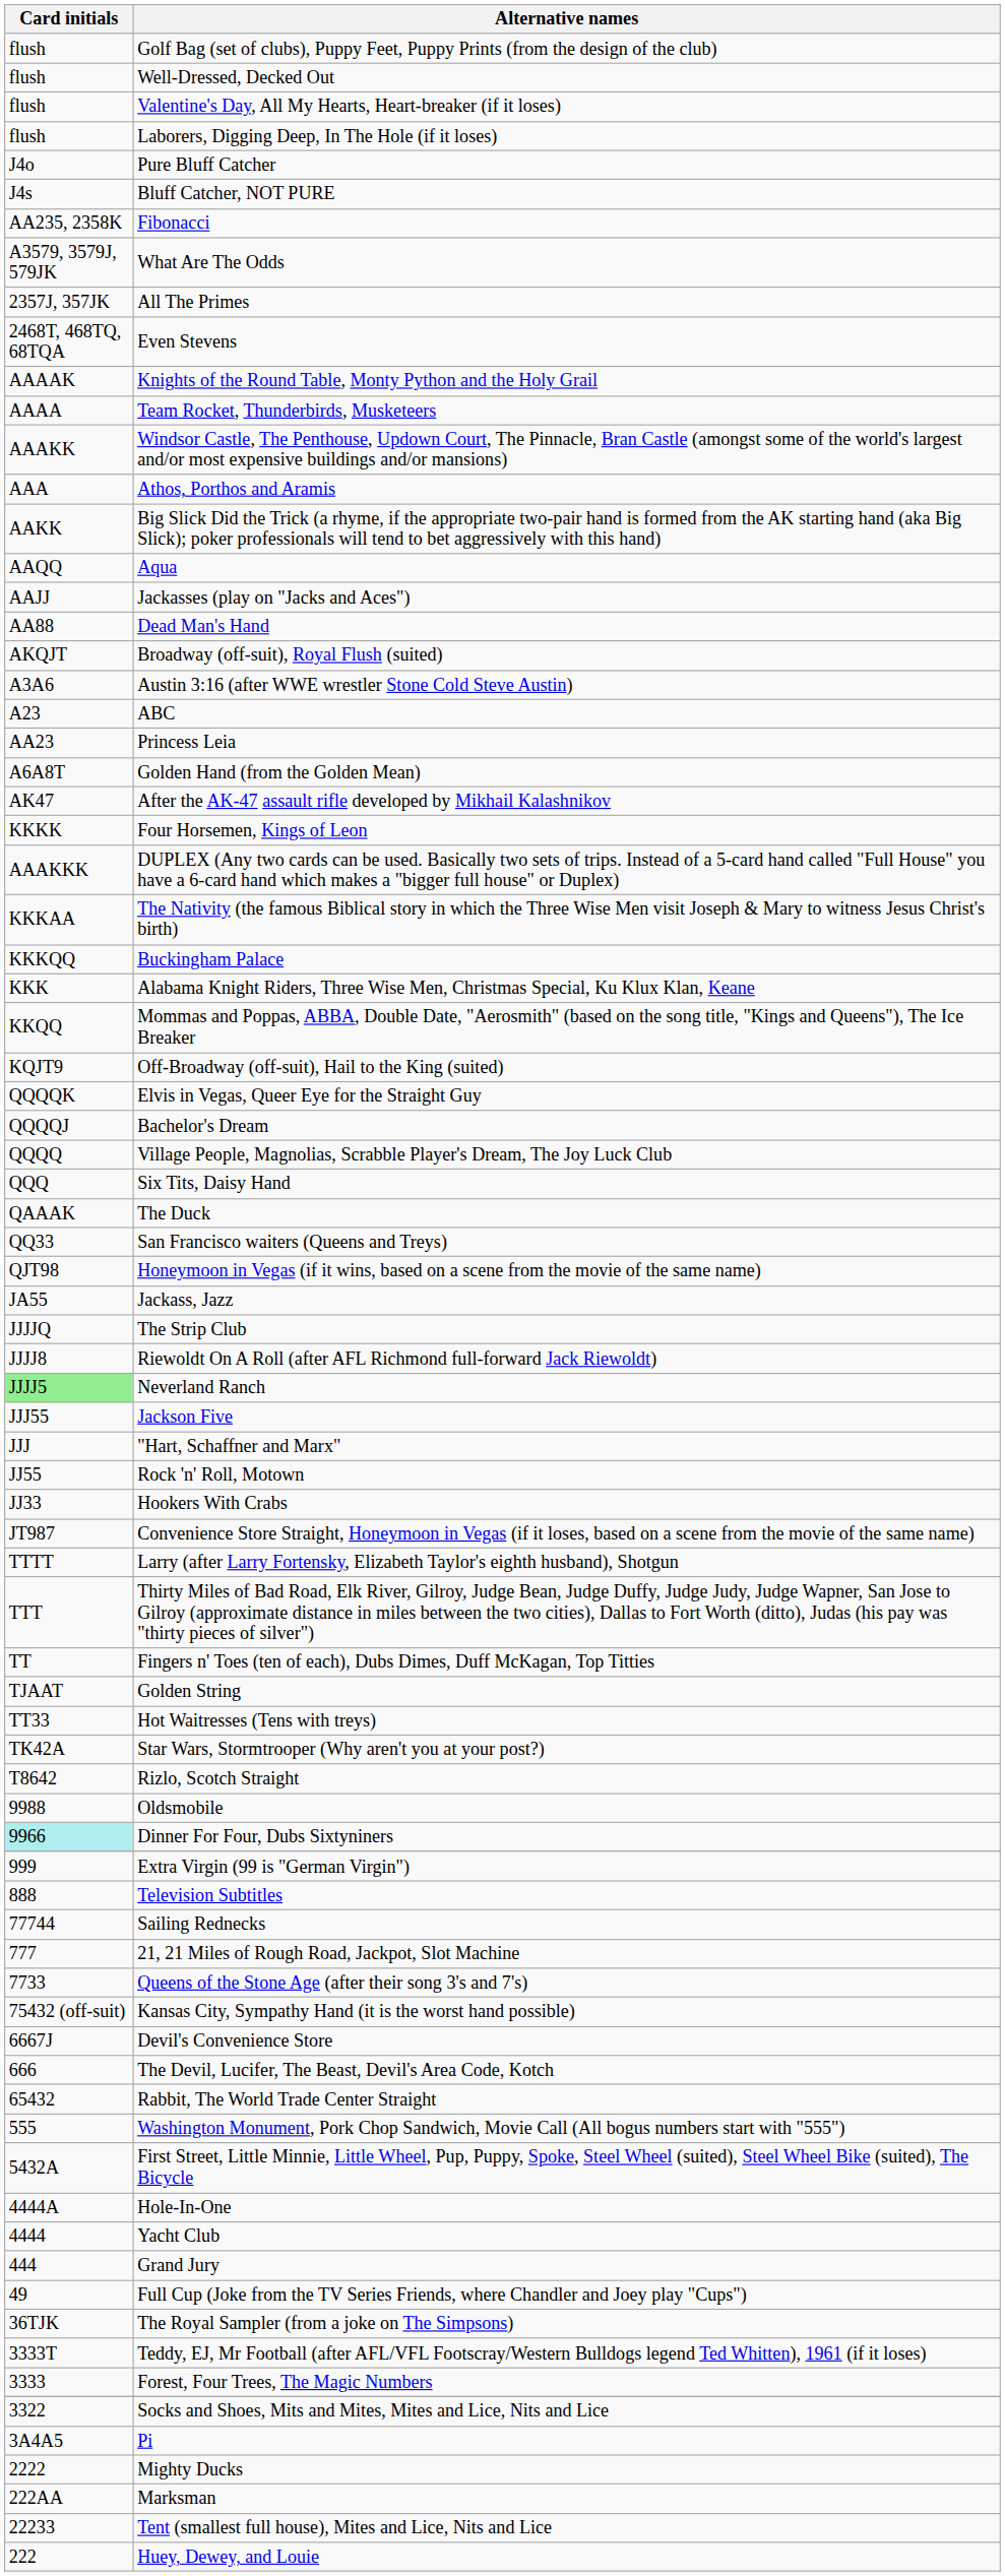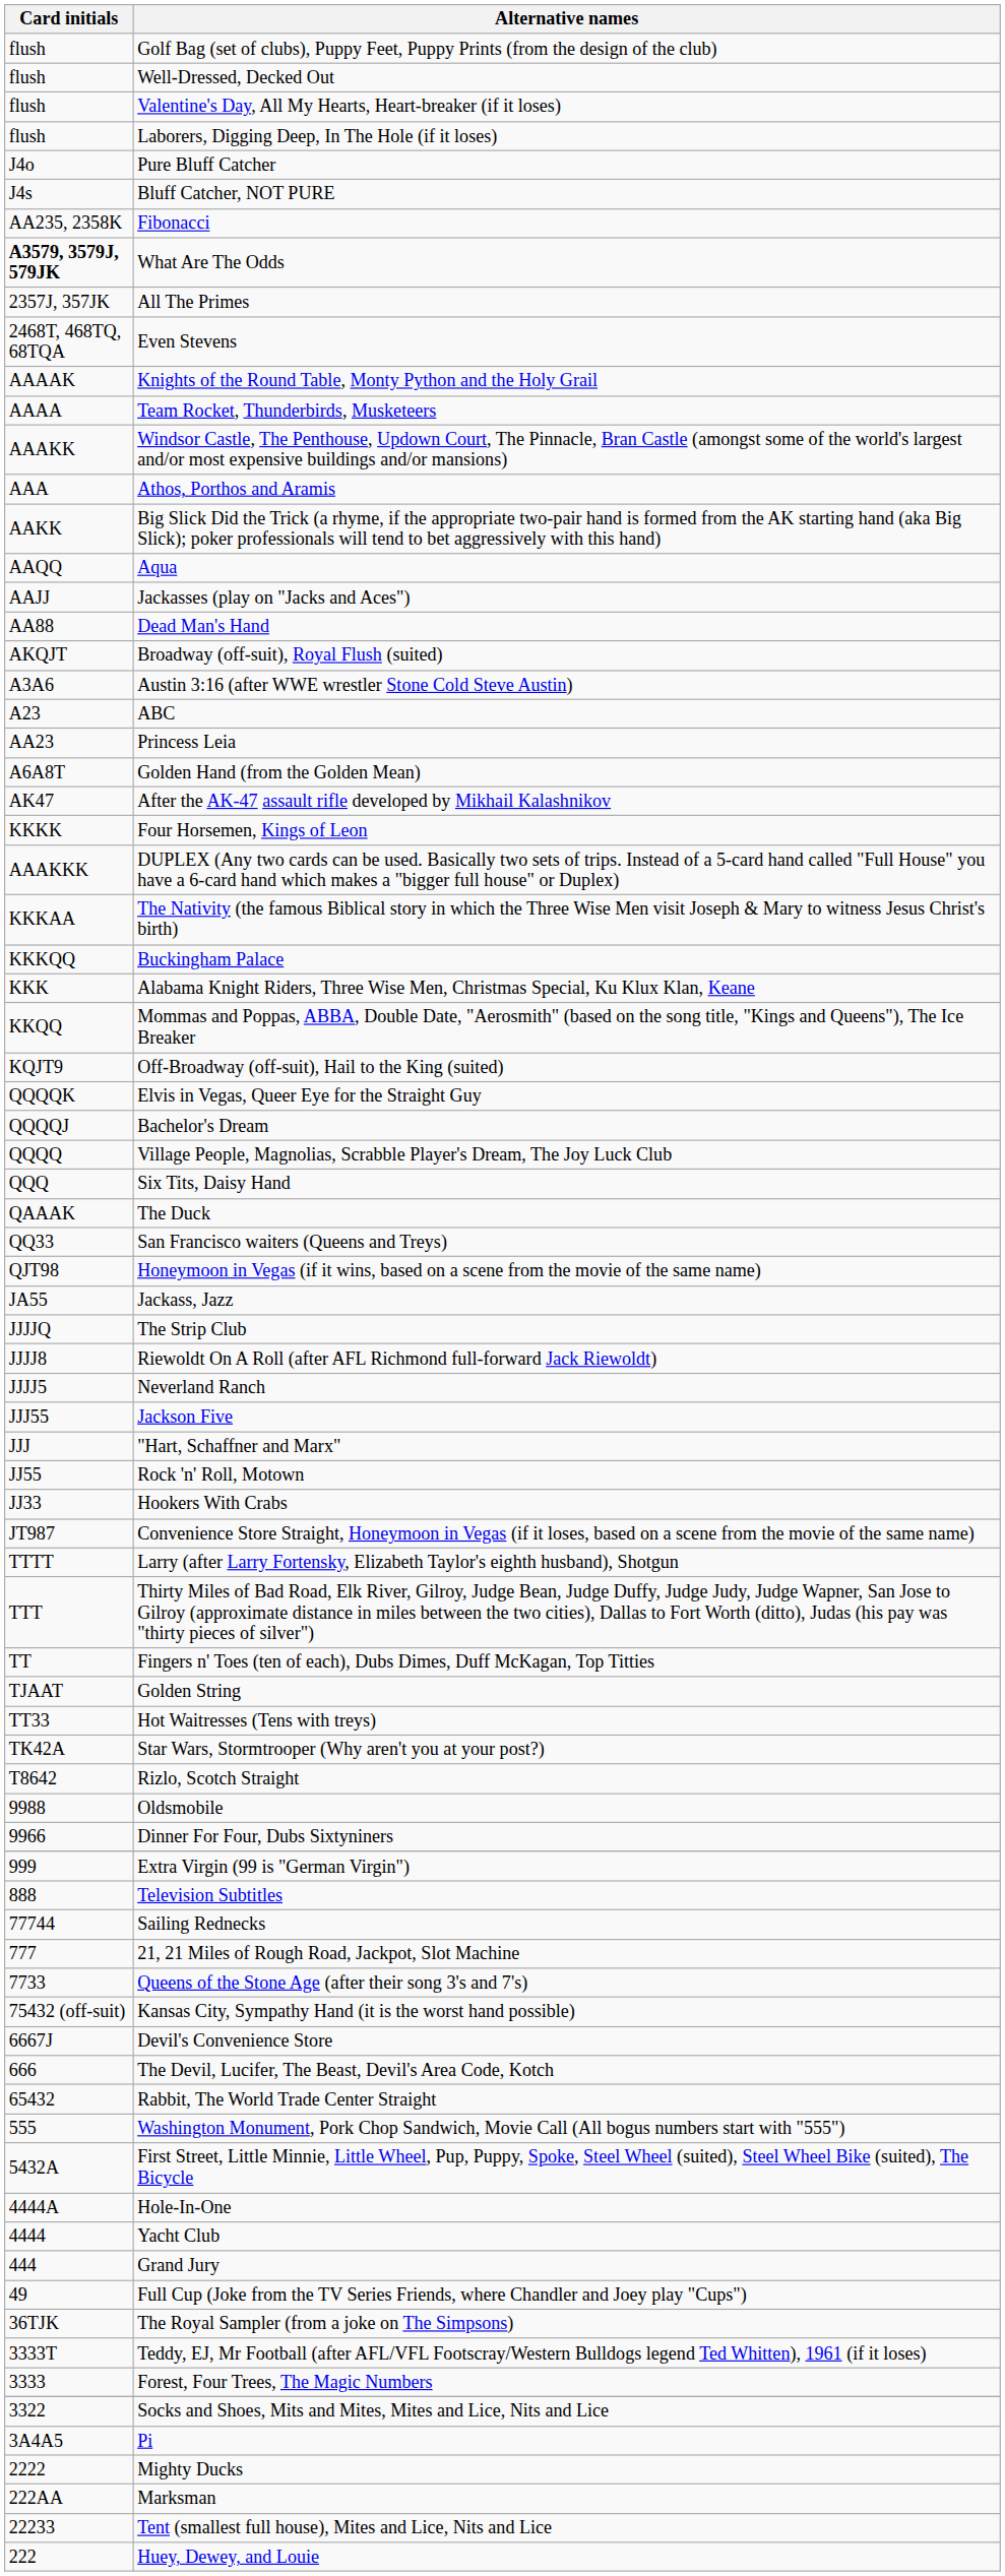 <table class="wikitable">
 <tr>
 <th>Card initials</th>
 <th>Alternative names</th>
 </tr>
 <tr>
 <td> flush</td>
 <td>Golf Bag (set of clubs), Puppy Feet, Puppy Prints (from the design of the club)</td>
 </tr>
 <tr>
 <td> flush</td>
 <td>Well-Dressed, Decked Out</td>
 </tr>
 <tr>
 <td> flush</td>
 <td><a href='#'>Valentine's Day</a>, All My Hearts, Heart-breaker (if it loses)</td>
 </tr>
 <tr>
 <td> flush</td>
 <td>Laborers, Digging Deep, In The Hole (if it loses)</td>
 </tr>
 <tr>
 <td>J4o</td>
 <td>Pure Bluff Catcher</td>
 </tr>
 <tr>
 <td>J4s</td>
 <td>Bluff Catcher, NOT PURE</td>
 </tr>
 <tr>
 <td>AA235, 2358K</td>
 <td><a href='#'>Fibonacci</a></td>
 </tr>
 <tr>
-<td>A3579, 3579J, 579JK</td>
+<td><strong>A3579, 3579J, 579JK</strong></td>
 <td>What Are The Odds</td>
 </tr>
 <tr>
 <td>2357J, 357JK</td>
 <td>All The Primes</td>
 </tr>
 <tr>
 <td>2468T, 468TQ, 68TQA</td>
 <td>Even Stevens</td>
 </tr>
 <tr>
 <td>AAAAK</td>
 <td><a href='#'>Knights of the Round Table</a>, <a href='#'>Monty Python and the Holy Grail</a></td>
 </tr>
 <tr>
 <td>AAAA</td>
 <td><a href='#'>Team Rocket</a>, <a href='#'>Thunderbirds</a>, <a href='#'>Musketeers</a></td>
 </tr>
 <tr>
 <td>AAAKK</td>
 <td><a href='#'>Windsor Castle</a>, <a href='#'>The Penthouse</a>, <a href='#'>Updown Court</a>, The Pinnacle, <a href='#'>Bran Castle</a> (amongst some of the world's largest and/or most expensive buildings and/or mansions)</td>
 </tr>
 <tr>
 <td>AAA</td>
 <td><a href='#'>Athos, Porthos and Aramis</a></td>
 </tr>
 <tr>
 <td>AAKK</td>
 <td>Big Slick Did the Trick (a rhyme, if the appropriate two-pair hand is formed from the AK starting hand (aka Big Slick); poker professionals will tend to bet aggressively with this hand)</td>
 </tr>
 <tr>
 <td>AAQQ</td>
 <td><a href='#'>Aqua</a></td>
 </tr>
 <tr>
 <td>AAJJ</td>
 <td>Jackasses (play on "Jacks and Aces")</td>
 </tr>
 <tr>
 <td>AA88</td>
 <td><a href='#'>Dead Man's Hand</a></td>
 </tr>
 <tr>
 <td>AKQJT</td>
 <td>Broadway (off-suit), <a href='#'>Royal Flush</a> (suited)</td>
 </tr>
 <tr>
 <td>A3A6</td>
 <td>Austin 3:16 (after WWE wrestler <a href='#'>Stone Cold Steve Austin</a>)</td>
 </tr>
 <tr>
 <td>A23</td>
 <td>ABC</td>
 </tr>
 <tr>
 <td>AA23</td>
 <td>Princess Leia</td>
 </tr>
 <tr>
 <td>A6A8T</td>
 <td>Golden Hand (from the Golden Mean)</td>
 </tr>
 <tr>
 <td>AK47</td>
 <td>After the <a href='#'>AK-47</a> <a href='#'>assault rifle</a> developed by <a href='#'>Mikhail Kalashnikov</a></td>
 </tr>
 <tr>
 <td>KKKK</td>
 <td>Four Horsemen, <a href='#'>Kings of Leon</a></td>
 </tr>
 <tr>
 <td>AAAKKK</td>
 <td>DUPLEX (Any two cards can be used. Basically two sets of trips. Instead of a 5-card hand called "Full House" you have a 6-card hand which makes a "bigger full house" or Duplex)</td>
 </tr>
 <tr>
 <td>KKKAA</td>
 <td><a href='#'>The Nativity</a> (the famous Biblical story in which the Three Wise Men visit Joseph & Mary to witness Jesus Christ's birth)</td>
 </tr>
 <tr>
 <td>KKKQQ</td>
 <td><a href='#'>Buckingham Palace</a></td>
 </tr>
 <tr>
 <td>KKK</td>
 <td>Alabama Knight Riders, Three Wise Men, Christmas Special, Ku Klux Klan, <a href='#'>Keane</a></td>
 </tr>
 <tr>
 <td>KKQQ</td>
 <td>Mommas and Poppas, <a href='#'>ABBA</a>, Double Date, "Aerosmith" (based on the song title, "Kings and Queens"), The Ice Breaker</td>
 </tr>
 <tr>
 <td>KQJT9</td>
 <td>Off-Broadway (off-suit), Hail to the King (suited)</td>
 </tr>
 <tr>
 <td>QQQQK</td>
 <td>Elvis in Vegas, Queer Eye for the Straight Guy</td>
 </tr>
 <tr>
 <td>QQQQJ</td>
 <td>Bachelor's Dream</td>
 </tr>
 <tr>
 <td>QQQQ</td>
 <td>Village People, Magnolias, Scrabble Player's Dream, The Joy Luck Club</td>
 </tr>
 <tr>
 <td>QQQ</td>
 <td>Six Tits, Daisy Hand</td>
 </tr>
 <tr>
 <td>QAAAK</td>
 <td>The Duck</td>
 </tr>
 <tr>
 <td>QQ33</td>
 <td>San Francisco waiters (Queens and Treys)</td>
 </tr>
 <tr>
 <td>QJT98</td>
 <td><a href='#'>Honeymoon in Vegas</a> (if it wins, based on a scene from the movie of the same name)</td>
 </tr>
 <tr>
 <td>JA55</td>
 <td>Jackass, Jazz</td>
 </tr>
 <tr>
 <td>JJJJQ</td>
 <td>The Strip Club</td>
 </tr>
 <tr>
 <td>JJJJ8</td>
 <td>Riewoldt On A Roll (after AFL Richmond full-forward <a href='#'>Jack Riewoldt</a>)</td>
 </tr>
 <tr>
-<td style="background: lightgreen;">JJJJ5</td>
+<td>JJJJ5</td>
 <td>Neverland Ranch</td>
 </tr>
 <tr>
 <td>JJJ55</td>
 <td><a href='#'>Jackson Five</a></td>
 </tr>
 <tr>
 <td>JJJ</td>
 <td>"Hart, Schaffner and Marx"</td>
 </tr>
 <tr>
 <td>JJ55</td>
 <td>Rock 'n' Roll, Motown</td>
 </tr>
 <tr>
 <td>JJ33</td>
 <td>Hookers With Crabs</td>
 </tr>
 <tr>
 <td>JT987</td>
 <td>Convenience Store Straight, <a href='#'>Honeymoon in Vegas</a> (if it loses, based on a scene from the movie of the same name)</td>
 </tr>
 <tr>
 <td>TTTT</td>
 <td>Larry (after <a href='#'>Larry Fortensky</a>, Elizabeth Taylor's eighth husband), Shotgun</td>
 </tr>
 <tr>
 <td>TTT</td>
 <td>Thirty Miles of Bad Road, Elk River, Gilroy, Judge Bean, Judge Duffy, Judge Judy, Judge Wapner, San Jose to Gilroy (approximate distance in miles between the two cities), Dallas to Fort Worth (ditto), Judas (his pay was "thirty pieces of silver")</td>
 </tr>
 <tr>
 <td>TT</td>
 <td>Fingers n' Toes (ten of each), Dubs Dimes, Duff McKagan, Top Titties</td>
 </tr>
 <tr>
 <td>TJAAT</td>
 <td>Golden String</td>
 </tr>
 <tr>
 <td>TT33</td>
 <td>Hot Waitresses (Tens with treys)</td>
 </tr>
 <tr>
 <td>TK42A</td>
 <td>Star Wars, Stormtrooper (Why aren't you at your post?)</td>
 </tr>
 <tr>
 <td>T8642</td>
 <td>Rizlo, Scotch Straight</td>
 </tr>
 <tr>
 <td>9988</td>
 <td>Oldsmobile</td>
 </tr>
 <tr>
-<td style="background: paleturquoise;">9966</td>
+<td>9966</td>
 <td>Dinner For Four, Dubs Sixtyniners</td>
 </tr>
 <tr>
 </tr>
 <tr>
 <td>999</td>
 <td>Extra Virgin (99 is "German Virgin")</td>
 </tr>
 <tr>
 <td>888</td>
 <td><a href='#'>Television Subtitles</a></td>
 </tr>
 <tr>
 <td>77744</td>
 <td>Sailing Rednecks</td>
 </tr>
 <tr>
 <td>777</td>
 <td>21, 21 Miles of Rough Road, Jackpot, Slot Machine</td>
 </tr>
 <tr>
 <td>7733</td>
 <td><a href='#'>Queens of the Stone Age</a> (after their song 3's and 7's)</td>
 </tr>
 <tr>
 <td>75432 (off-suit)</td>
 <td>Kansas City, Sympathy Hand (it is the worst hand possible)</td>
 </tr>
 <tr>
 <td>6667J</td>
 <td>Devil's Convenience Store</td>
 </tr>
 <tr>
 <td>666</td>
 <td>The Devil, Lucifer, The Beast, Devil's Area Code, Kotch</td>
 </tr>
 <tr>
 <td>65432</td>
 <td>Rabbit, The World Trade Center Straight</td>
 </tr>
 <tr>
 <td>555</td>
 <td><a href='#'>Washington Monument</a>, Pork Chop Sandwich, Movie Call (All bogus numbers start with "555")</td>
 </tr>
 <tr>
 <td>5432A</td>
 <td>First Street, Little Minnie, <a href='#'>Little Wheel</a>, Pup, Puppy, <a href='#'>Spoke</a>, <a href='#'>Steel Wheel</a> (suited), <a href='#'>Steel Wheel Bike</a> (suited), <a href='#'>The Bicycle</a></td>
 </tr>
 <tr>
 <td>4444A</td>
 <td>Hole-In-One</td>
 </tr>
 <tr>
 <td>4444</td>
 <td>Yacht Club</td>
 </tr>
 <tr>
 <td>444</td>
 <td>Grand Jury</td>
 </tr>
 <tr>
 <td>49</td>
 <td>Full Cup (Joke from the TV Series Friends, where Chandler and Joey play "Cups")</td>
 </tr>
 <tr>
 <td>36TJK</td>
 <td>The Royal Sampler (from a joke on <a href='#'>The Simpsons</a>)</td>
 </tr>
 <tr>
 <td>3333T</td>
 <td>Teddy, EJ, Mr Football (after AFL/VFL Footscray/Western Bulldogs legend <a href='#'>Ted Whitten</a>), <a href='#'>1961</a> (if it loses)</td>
 </tr>
 <tr>
 <td>3333</td>
 <td>Forest, Four Trees, <a href='#'>The Magic Numbers</a></td>
 </tr>
 <tr>
 </tr>
 <tr>
 <td>3322</td>
 <td>Socks and Shoes, Mits and Mites, Mites and Lice, Nits and Lice</td>
 </tr>
 <tr>
 <td>3A4A5</td>
 <td><a href='#'>Pi</a></td>
 </tr>
 <tr>
 <td>2222</td>
 <td>Mighty Ducks</td>
 </tr>
 <tr>
 <td>222AA</td>
 <td>Marksman</td>
 </tr>
 <tr>
 <td>22233</td>
 <td><a href='#'>Tent</a> (smallest full house), Mites and Lice, Nits and Lice</td>
 </tr>
 <tr>
 <td>222</td>
 <td><a href='#'>Huey, Dewey, and Louie</a></td>
 </tr>
 </table>
